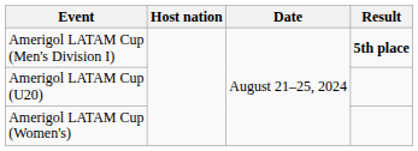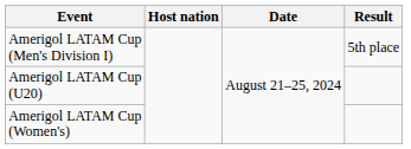 <table class=wikitable>
 <tr>
 <th>Event</th>
 <th>Host nation</th>
 <th>Date</th>
 <th>Result</th>
 </tr>
 <tr>
 <td>Amerigol LATAM Cup<br>(Men's Division I)</td>
 <td rowspan="3"></td>
 <td rowspan="3">August 21–25, 2024</td>
-<td><strong>5th place</strong></td>
+<td>5th place</td>
 </tr>
 <tr>
 <td>Amerigol LATAM Cup<br>(U20)</td>
 <td></td>
 </tr>
 <tr>
 <td>Amerigol LATAM Cup<br>(Women's)</td>
 <td></td>
 </tr>
 </table>
